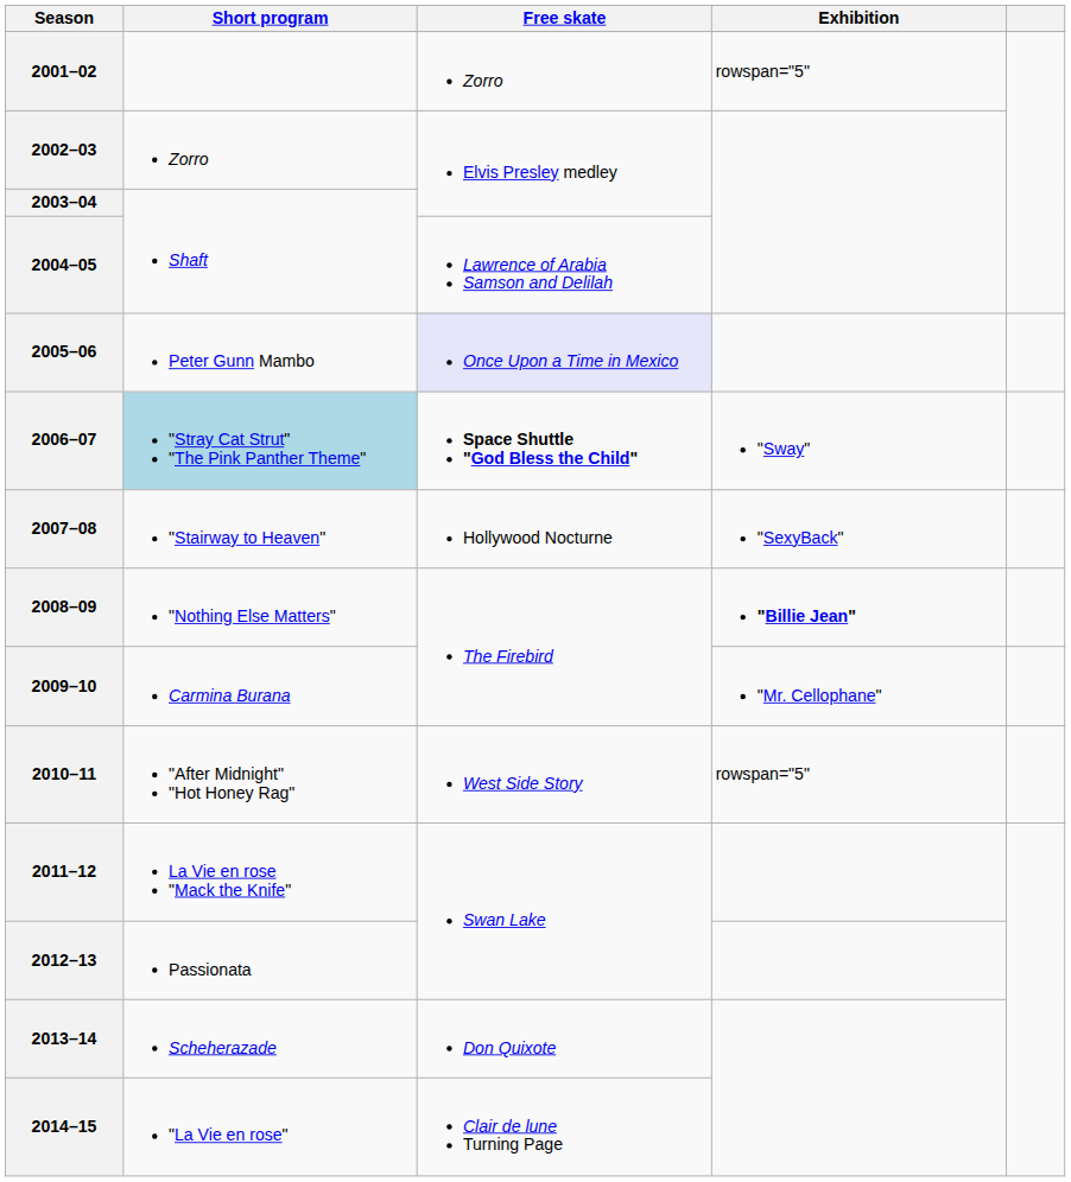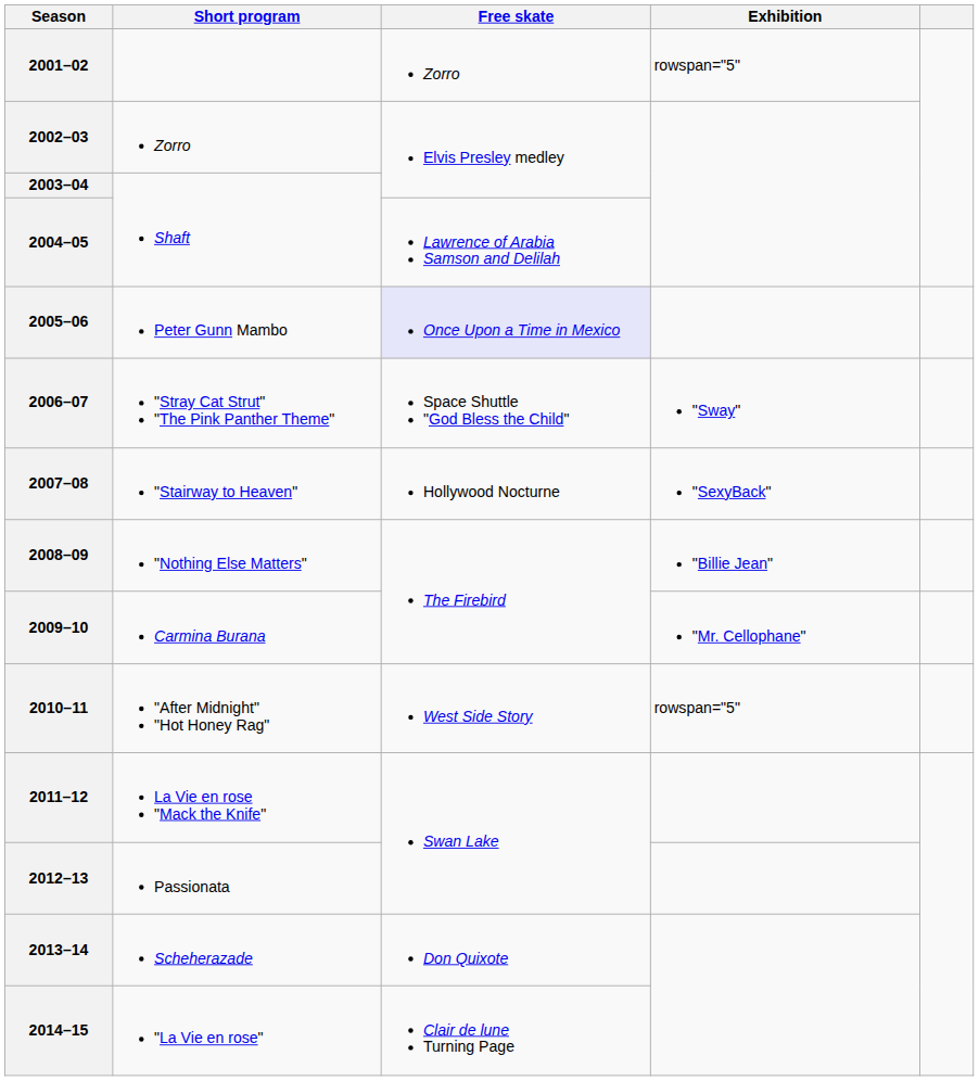 <table class="wikitable unsortable" style="text-align:left">
 <tr>
 <th scope="col" style="text-align:center; width:10%">Season</th>
 <th scope="col" style="text-align:center; width:25%"><a href='#'>Short program</a></th>
 <th scope="col" style="text-align:center; width:25%"><a href='#'>Free skate</a></th>
 <th scope="col" style="text-align:center; width:25%">Exhibition</th>
 <th scope="col" style="text-align:center; width:5%"></th>
 </tr>
 <tr>
 <th scope="row">2001–02</th>
 <td></td>
 <td><br><ul><li><em>Zorro</em></li></ul></td>
 <td>rowspan="5" </td>
 <td rowspan="4"></td>
 </tr>
 <tr>
 <th scope="row">2002–03</th>
 <td><br><ul><li><em>Zorro</em></li></ul></td>
 <td rowspan="2"><br><ul><li><a href='#'>Elvis Presley</a> medley</li></ul></td>
 </tr>
 <tr>
 <th scope="row">2003–04</th>
 <td rowspan="2"><br><ul><li><em><a href='#'>Shaft</a></em><br></li></ul></td>
 </tr>
 <tr>
 <th scope="row">2004–05</th>
 <td><br><ul><li><em><a href='#'>Lawrence of Arabia</a></em><br></li><li><em><a href='#'>Samson and Delilah</a></em><br></li></ul></td>
 </tr>
 <tr>
 <th scope="row">2005–06</th>
 <td><br><ul><li><a href='#'>Peter Gunn</a> Mambo<br></li></ul></td>
 <td style="background: lavender;"><br><ul><li><em><a href='#'>Once Upon a Time in Mexico</a></em><br></li></ul></td>
 <td></td>
 </tr>
 <tr>
 <th scope="row">2006–07</th>
-<td style="background: lightblue;"><br><ul><li>"<a href='#'>Stray Cat Strut</a>"<br></li><li>"<a href='#'>The Pink Panther Theme</a>"<br></li></ul></td>
-<td><strong><br><ul><li>Space Shuttle<br></li><li>"<a href='#'>God Bless the Child</a>"<br></li></ul></strong></td>
+<td><br><ul><li>"<a href='#'>Stray Cat Strut</a>"<br></li><li>"<a href='#'>The Pink Panther Theme</a>"<br></li></ul></td>
+<td><br><ul><li>Space Shuttle<br></li><li>"<a href='#'>God Bless the Child</a>"<br></li></ul></td>
 <td><br><ul><li>"<a href='#'>Sway</a>"<br></li></ul></td>
 <td></td>
 </tr>
 <tr>
 <th scope="row">2007–08</th>
 <td><br><ul><li>"<a href='#'>Stairway to Heaven</a>"<br></li></ul></td>
 <td><br><ul><li>Hollywood Nocturne<br></li></ul></td>
 <td><br><ul><li>"<a href='#'>SexyBack</a>"<br></li></ul></td>
 <td></td>
 </tr>
 <tr>
 <th scope="row">2008–09</th>
 <td><br><ul><li>"<a href='#'>Nothing Else Matters</a>"<br></li></ul></td>
 <td rowspan="2"><br><ul><li><em><a href='#'>The Firebird</a></em><br></li></ul></td>
-<td><strong><br><ul><li>"<a href='#'>Billie Jean</a>"<br></li></ul></strong></td>
+<td><br><ul><li>"<a href='#'>Billie Jean</a>"<br></li></ul></td>
 <td></td>
 </tr>
 <tr>
 <th scope="row">2009–10</th>
 <td><br><ul><li><em><a href='#'>Carmina Burana</a></em><br></li></ul></td>
 <td><br><ul><li>"<a href='#'>Mr. Cellophane</a>"</li></ul></td>
 <td></td>
 </tr>
 <tr>
 <th scope="row">2010–11</th>
 <td><br><ul><li>"After Midnight"</li><li>"Hot Honey Rag"<br></li></ul></td>
 <td><br><ul><li><em><a href='#'>West Side Story</a></em><br></li></ul></td>
 <td>rowspan="5" </td>
 <td></td>
 </tr>
 <tr>
 <th scope="row">2011–12</th>
 <td><br><ul><li><a href='#'>La Vie en rose</a></li><li>"<a href='#'>Mack the Knife</a>"<br></li></ul></td>
 <td rowspan="2"><br><ul><li><em><a href='#'>Swan Lake</a></em><br></li></ul></td>
 <td></td>
 </tr>
 <tr>
 <th scope="row">2012–13</th>
 <td><br><ul><li>Passionata<br></li></ul></td>
 <td></td>
 </tr>
 <tr>
 <th scope="row">2013–14</th>
 <td><br><ul><li><em><a href='#'>Scheherazade</a></em><br></li></ul></td>
 <td><br><ul><li><em><a href='#'>Don Quixote</a></em><br></li></ul></td>
 <td rowspan="2"></td>
 </tr>
 <tr>
 <th scope="row">2014–15</th>
 <td><br><ul><li>"<a href='#'>La Vie en rose</a>"<br></li></ul></td>
 <td><br><ul><li><em><a href='#'>Clair de lune</a></em><br></li><li>Turning Page<br></li></ul></td>
 </tr>
 </table>
